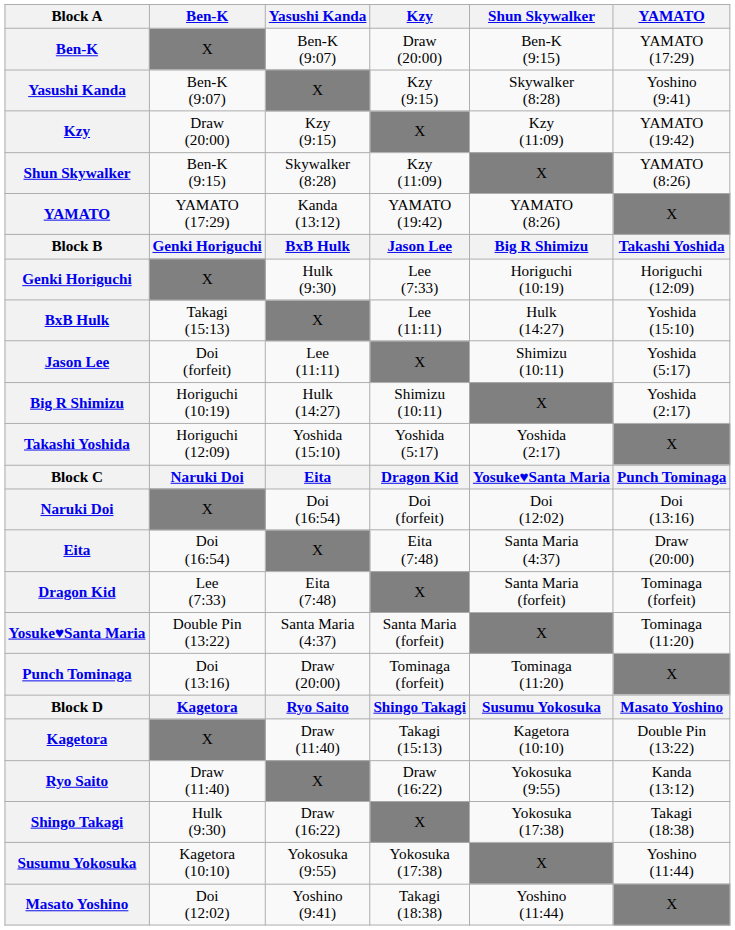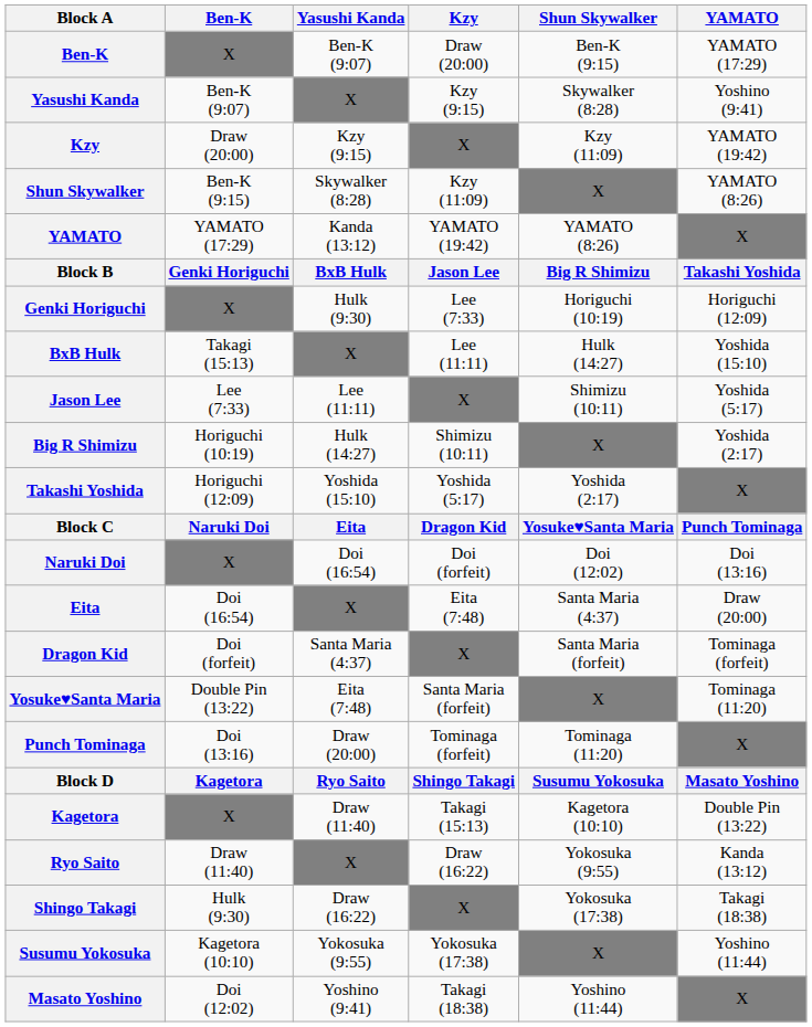 <table class="wikitable" style="margin: 1em auto 1em auto">
 <tr align="center">
 <th>Block A</th>
 <th><a href='#'>Ben-K</a></th>
 <th><a href='#'>Yasushi Kanda</a></th>
 <th><a href='#'>Kzy</a></th>
 <th><a href='#'>Shun Skywalker</a></th>
 <th><a href='#'>YAMATO</a></th>
 </tr>
 <tr align="center">
 <th><a href='#'>Ben-K</a></th>
 <td bgcolor=grey>X</td>
 <td>Ben-K<br>(9:07)</td>
 <td>Draw<br>(20:00)</td>
 <td>Ben-K<br>(9:15)</td>
 <td>YAMATO<br>(17:29)</td>
 </tr>
 <tr align="center">
 <th><a href='#'>Yasushi Kanda</a></th>
 <td>Ben-K<br>(9:07)</td>
 <td bgcolor=grey>X</td>
 <td>Kzy<br>(9:15)</td>
 <td>Skywalker<br>(8:28)</td>
 <td>Yoshino<br>(9:41)</td>
 </tr>
 <tr align="center">
 <th><a href='#'>Kzy</a></th>
 <td>Draw<br>(20:00)</td>
 <td>Kzy<br>(9:15)</td>
 <td bgcolor=grey>X</td>
 <td>Kzy<br>(11:09)</td>
 <td>YAMATO<br>(19:42)</td>
 </tr>
 <tr align="center">
 <th><a href='#'>Shun Skywalker</a></th>
 <td>Ben-K<br>(9:15)</td>
 <td>Skywalker<br>(8:28)</td>
 <td>Kzy<br>(11:09)</td>
 <td bgcolor=grey>X</td>
 <td>YAMATO<br>(8:26)</td>
 </tr>
 <tr align="center">
 <th><a href='#'>YAMATO</a></th>
 <td>YAMATO<br>(17:29)</td>
 <td>Kanda<br>(13:12)</td>
 <td>YAMATO<br>(19:42)</td>
 <td>YAMATO<br>(8:26)</td>
 <td bgcolor=grey>X</td>
 </tr>
 <tr align="center">
 <th>Block B</th>
 <th><a href='#'>Genki Horiguchi</a></th>
 <th><a href='#'>BxB Hulk</a></th>
 <th><a href='#'>Jason Lee</a></th>
 <th><a href='#'>Big R Shimizu</a></th>
 <th><a href='#'>Takashi Yoshida</a></th>
 </tr>
 <tr align="center">
 <th><a href='#'>Genki Horiguchi</a></th>
 <td bgcolor=grey>X</td>
 <td>Hulk<br>(9:30)</td>
 <td>Lee<br>(7:33)</td>
 <td>Horiguchi<br>(10:19)</td>
 <td>Horiguchi<br>(12:09)</td>
 </tr>
 <tr align="center">
 <th><a href='#'>BxB Hulk</a></th>
 <td>Takagi<br>(15:13)</td>
 <td bgcolor=grey>X</td>
 <td>Lee<br>(11:11)</td>
 <td>Hulk<br>(14:27)</td>
 <td>Yoshida<br>(15:10)</td>
 </tr>
 <tr align="center">
 <th><a href='#'>Jason Lee</a></th>
-<td>Doi<br>(forfeit)</td>
+<td>Lee<br>(7:33)</td>
 <td>Lee<br>(11:11)</td>
 <td bgcolor=grey>X</td>
 <td>Shimizu<br>(10:11)</td>
 <td>Yoshida<br>(5:17)</td>
 </tr>
 <tr align="center">
 <th><a href='#'>Big R Shimizu</a></th>
 <td>Horiguchi<br>(10:19)</td>
 <td>Hulk<br>(14:27)</td>
 <td>Shimizu<br>(10:11)</td>
 <td bgcolor=grey>X</td>
 <td>Yoshida<br>(2:17)</td>
 </tr>
 <tr align="center">
 <th><a href='#'>Takashi Yoshida</a></th>
 <td>Horiguchi<br>(12:09)</td>
 <td>Yoshida<br>(15:10)</td>
 <td>Yoshida<br>(5:17)</td>
 <td>Yoshida<br>(2:17)</td>
 <td bgcolor=grey>X</td>
 </tr>
 <tr align="center">
 <th>Block C</th>
 <th><a href='#'>Naruki Doi</a></th>
 <th><a href='#'>Eita</a></th>
 <th><a href='#'>Dragon Kid</a></th>
 <th><a href='#'>Yosuke♥Santa Maria</a></th>
 <th><a href='#'>Punch Tominaga</a></th>
 </tr>
 <tr align="center">
 <th><a href='#'>Naruki Doi</a></th>
 <td bgcolor=grey>X</td>
 <td>Doi<br>(16:54)</td>
 <td>Doi<br>(forfeit)</td>
 <td>Doi<br>(12:02)</td>
 <td>Doi<br>(13:16)</td>
 </tr>
 <tr align="center">
 <th><a href='#'>Eita</a></th>
 <td>Doi<br>(16:54)</td>
 <td bgcolor=grey>X</td>
 <td>Eita<br>(7:48)</td>
 <td>Santa Maria<br>(4:37)</td>
 <td>Draw<br>(20:00)</td>
 </tr>
 <tr align="center">
 <th><a href='#'>Dragon Kid</a></th>
-<td>Lee<br>(7:33)</td>
-<td>Eita<br>(7:48)</td>
+<td>Doi<br>(forfeit)</td>
+<td>Santa Maria<br>(4:37)</td>
 <td bgcolor=grey>X</td>
 <td>Santa Maria<br>(forfeit)</td>
 <td>Tominaga<br>(forfeit)</td>
 </tr>
 <tr align="center">
 <th><a href='#'>Yosuke♥Santa Maria</a></th>
 <td>Double Pin<br>(13:22)</td>
-<td>Santa Maria<br>(4:37)</td>
+<td>Eita<br>(7:48)</td>
 <td>Santa Maria<br>(forfeit)</td>
 <td bgcolor=grey>X</td>
 <td>Tominaga<br>(11:20)</td>
 </tr>
 <tr align="center">
 <th><a href='#'>Punch Tominaga</a></th>
 <td>Doi<br>(13:16)</td>
 <td>Draw<br>(20:00)</td>
 <td>Tominaga<br>(forfeit)</td>
 <td>Tominaga<br>(11:20)</td>
 <td bgcolor=grey>X</td>
 </tr>
 <tr align="center">
 <th>Block D</th>
 <th><a href='#'>Kagetora</a></th>
 <th><a href='#'>Ryo Saito</a></th>
 <th><a href='#'>Shingo Takagi</a></th>
 <th><a href='#'>Susumu Yokosuka</a></th>
 <th><a href='#'>Masato Yoshino</a></th>
 </tr>
 <tr align="center">
 <th><a href='#'>Kagetora</a></th>
 <td bgcolor=grey>X</td>
 <td>Draw<br>(11:40)</td>
 <td>Takagi<br>(15:13)</td>
 <td>Kagetora<br>(10:10)</td>
 <td>Double Pin<br>(13:22)</td>
 </tr>
 <tr align="center">
 <th><a href='#'>Ryo Saito</a></th>
 <td>Draw<br>(11:40)</td>
 <td bgcolor=grey>X</td>
 <td>Draw<br>(16:22)</td>
 <td>Yokosuka<br>(9:55)</td>
 <td>Kanda<br>(13:12)</td>
 </tr>
 <tr align="center">
 <th><a href='#'>Shingo Takagi</a></th>
 <td>Hulk<br>(9:30)</td>
 <td>Draw<br>(16:22)</td>
 <td bgcolor=grey>X</td>
 <td>Yokosuka<br>(17:38)</td>
 <td>Takagi<br>(18:38)</td>
 </tr>
 <tr align="center">
 <th><a href='#'>Susumu Yokosuka</a></th>
 <td>Kagetora<br>(10:10)</td>
 <td>Yokosuka<br>(9:55)</td>
 <td>Yokosuka<br>(17:38)</td>
 <td bgcolor=grey>X</td>
 <td>Yoshino<br>(11:44)</td>
 </tr>
 <tr align="center">
 <th><a href='#'>Masato Yoshino</a></th>
 <td>Doi<br>(12:02)</td>
 <td>Yoshino<br>(9:41)</td>
 <td>Takagi<br>(18:38)</td>
 <td>Yoshino<br>(11:44)</td>
 <td bgcolor=grey>X</td>
 </tr>
 </table>
